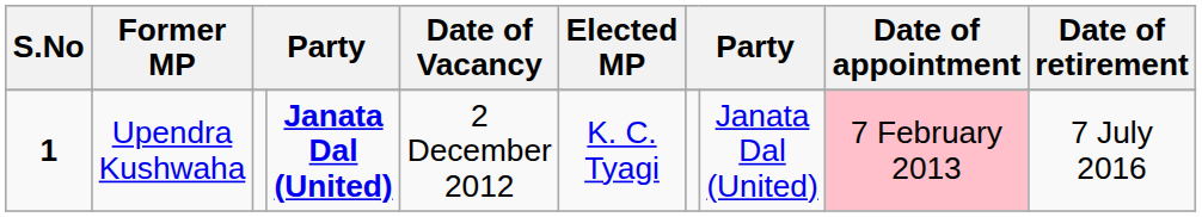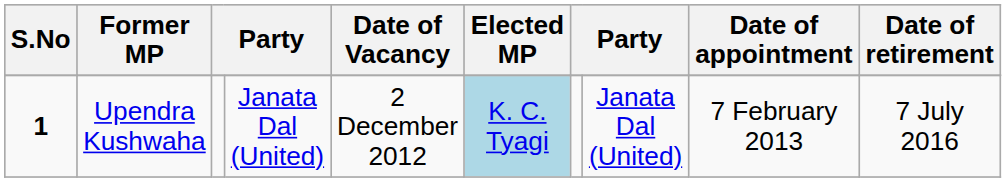 <table class="wikitable sortable">
 <tr>
 <th>S.No</th>
 <th>Former MP</th>
 <th colspan=2>Party</th>
 <th>Date of Vacancy</th>
 <th>Elected MP</th>
 <th colspan=2>Party</th>
 <th>Date of appointment</th>
 <th>Date of retirement</th>
 </tr>
 <tr>
 </tr>
 <tr style="text-align:center;">
 <td><strong>1</strong></td>
 <td><a href='#'>Upendra Kushwaha</a></td>
 <td></td>
-<td><strong><a href='#'>Janata Dal (United)</a></strong></td>
+<td><a href='#'>Janata Dal (United)</a></td>
 <td>2 December 2012</td>
-<td><a href='#'>K. C. Tyagi</a></td>
+<td style="background: lightblue;"><a href='#'>K. C. Tyagi</a></td>
 <td></td>
 <td><a href='#'>Janata Dal (United)</a></td>
-<td style="background: pink;">7 February 2013</td>
+<td>7 February 2013</td>
 <td>7 July 2016</td>
 </tr>
 </table>
